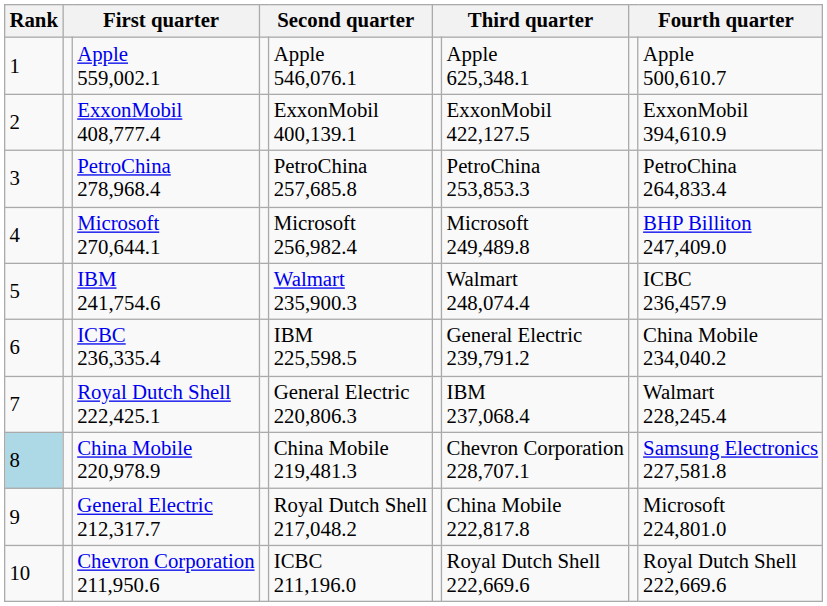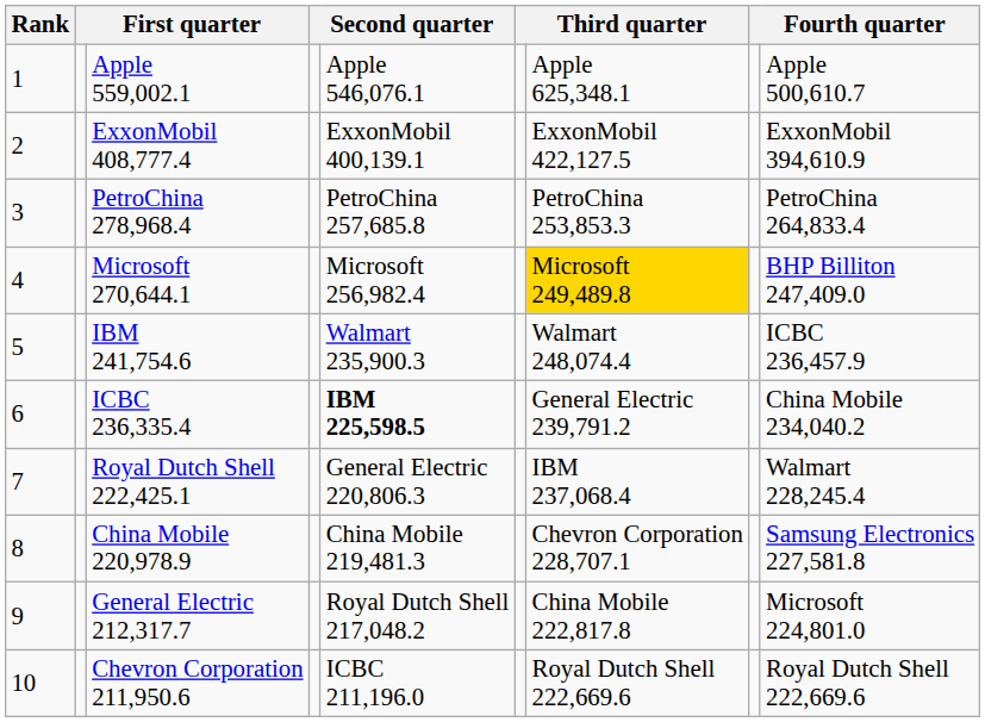 <table class="wikitable"  >
 <tr>
 <th>Rank</th>
 <th colspan=2>First quarter</th>
 <th colspan=2>Second quarter</th>
 <th colspan=2>Third quarter</th>
 <th colspan=2>Fourth quarter</th>
 </tr>
 <tr>
 <td>1</td>
 <td></td>
 <td><a href='#'>Apple</a> <br> 559,002.1</td>
 <td></td>
 <td>Apple <br> 546,076.1</td>
 <td></td>
 <td>Apple <br> 625,348.1</td>
 <td></td>
 <td>Apple <br> 500,610.7</td>
 </tr>
 <tr>
 <td>2</td>
 <td></td>
 <td><a href='#'>ExxonMobil</a> <br> 408,777.4</td>
 <td></td>
 <td>ExxonMobil <br> 400,139.1</td>
 <td></td>
 <td>ExxonMobil <br> 422,127.5</td>
 <td></td>
 <td>ExxonMobil <br> 394,610.9</td>
 </tr>
 <tr>
 <td>3</td>
 <td></td>
 <td><a href='#'>PetroChina</a> <br> 278,968.4</td>
 <td></td>
 <td>PetroChina <br> 257,685.8</td>
 <td></td>
 <td>PetroChina <br> 253,853.3</td>
 <td></td>
 <td>PetroChina <br> 264,833.4</td>
 </tr>
 <tr>
 <td>4</td>
 <td></td>
 <td><a href='#'>Microsoft</a> <br> 270,644.1</td>
 <td></td>
 <td>Microsoft <br> 256,982.4</td>
 <td></td>
-<td>Microsoft <br> 249,489.8</td>
+<td style="background: gold;">Microsoft <br> 249,489.8</td>
 <td> <br> </td>
 <td><a href='#'>BHP Billiton</a><br> 247,409.0</td>
 </tr>
 <tr>
 <td>5</td>
 <td></td>
 <td><a href='#'>IBM</a> <br> 241,754.6</td>
 <td></td>
 <td><a href='#'>Walmart</a> <br> 235,900.3</td>
 <td></td>
 <td>Walmart <br> 248,074.4</td>
 <td></td>
 <td>ICBC<br> 236,457.9</td>
 </tr>
 <tr>
 <td>6</td>
 <td></td>
 <td><a href='#'>ICBC</a> <br> 236,335.4</td>
 <td></td>
-<td>IBM <br> 225,598.5</td>
+<td><strong>IBM <br> 225,598.5</strong></td>
 <td></td>
 <td>General Electric <br> 239,791.2</td>
 <td></td>
 <td>China Mobile <br> 234,040.2</td>
 </tr>
 <tr>
 <td>7</td>
 <td> <br>  </td>
 <td><a href='#'>Royal Dutch Shell</a><br> 222,425.1</td>
 <td></td>
 <td>General Electric <br> 220,806.3</td>
 <td></td>
 <td>IBM <br> 237,068.4</td>
 <td></td>
 <td>Walmart <br> 228,245.4</td>
 </tr>
 <tr>
-<td style="background: lightblue;">8</td>
+<td>8</td>
 <td></td>
 <td><a href='#'>China Mobile</a> <br> 220,978.9</td>
 <td></td>
 <td>China Mobile <br> 219,481.3</td>
 <td></td>
 <td>Chevron Corporation <br> 228,707.1</td>
 <td></td>
 <td><a href='#'>Samsung Electronics</a> <br> 227,581.8</td>
 </tr>
 <tr>
 <td>9</td>
 <td></td>
 <td><a href='#'>General Electric</a> <br> 212,317.7</td>
 <td> <br>  </td>
 <td>Royal Dutch Shell<br> 217,048.2</td>
 <td></td>
 <td>China Mobile <br> 222,817.8</td>
 <td></td>
 <td>Microsoft <br> 224,801.0</td>
 </tr>
 <tr>
 <td>10</td>
 <td></td>
 <td><a href='#'>Chevron Corporation</a> <br> 211,950.6</td>
 <td></td>
 <td>ICBC<br> 211,196.0</td>
 <td> <br>  </td>
 <td>Royal Dutch Shell<br> 222,669.6</td>
 <td> <br>  </td>
 <td>Royal Dutch Shell<br> 222,669.6</td>
 </tr>
 </table>
